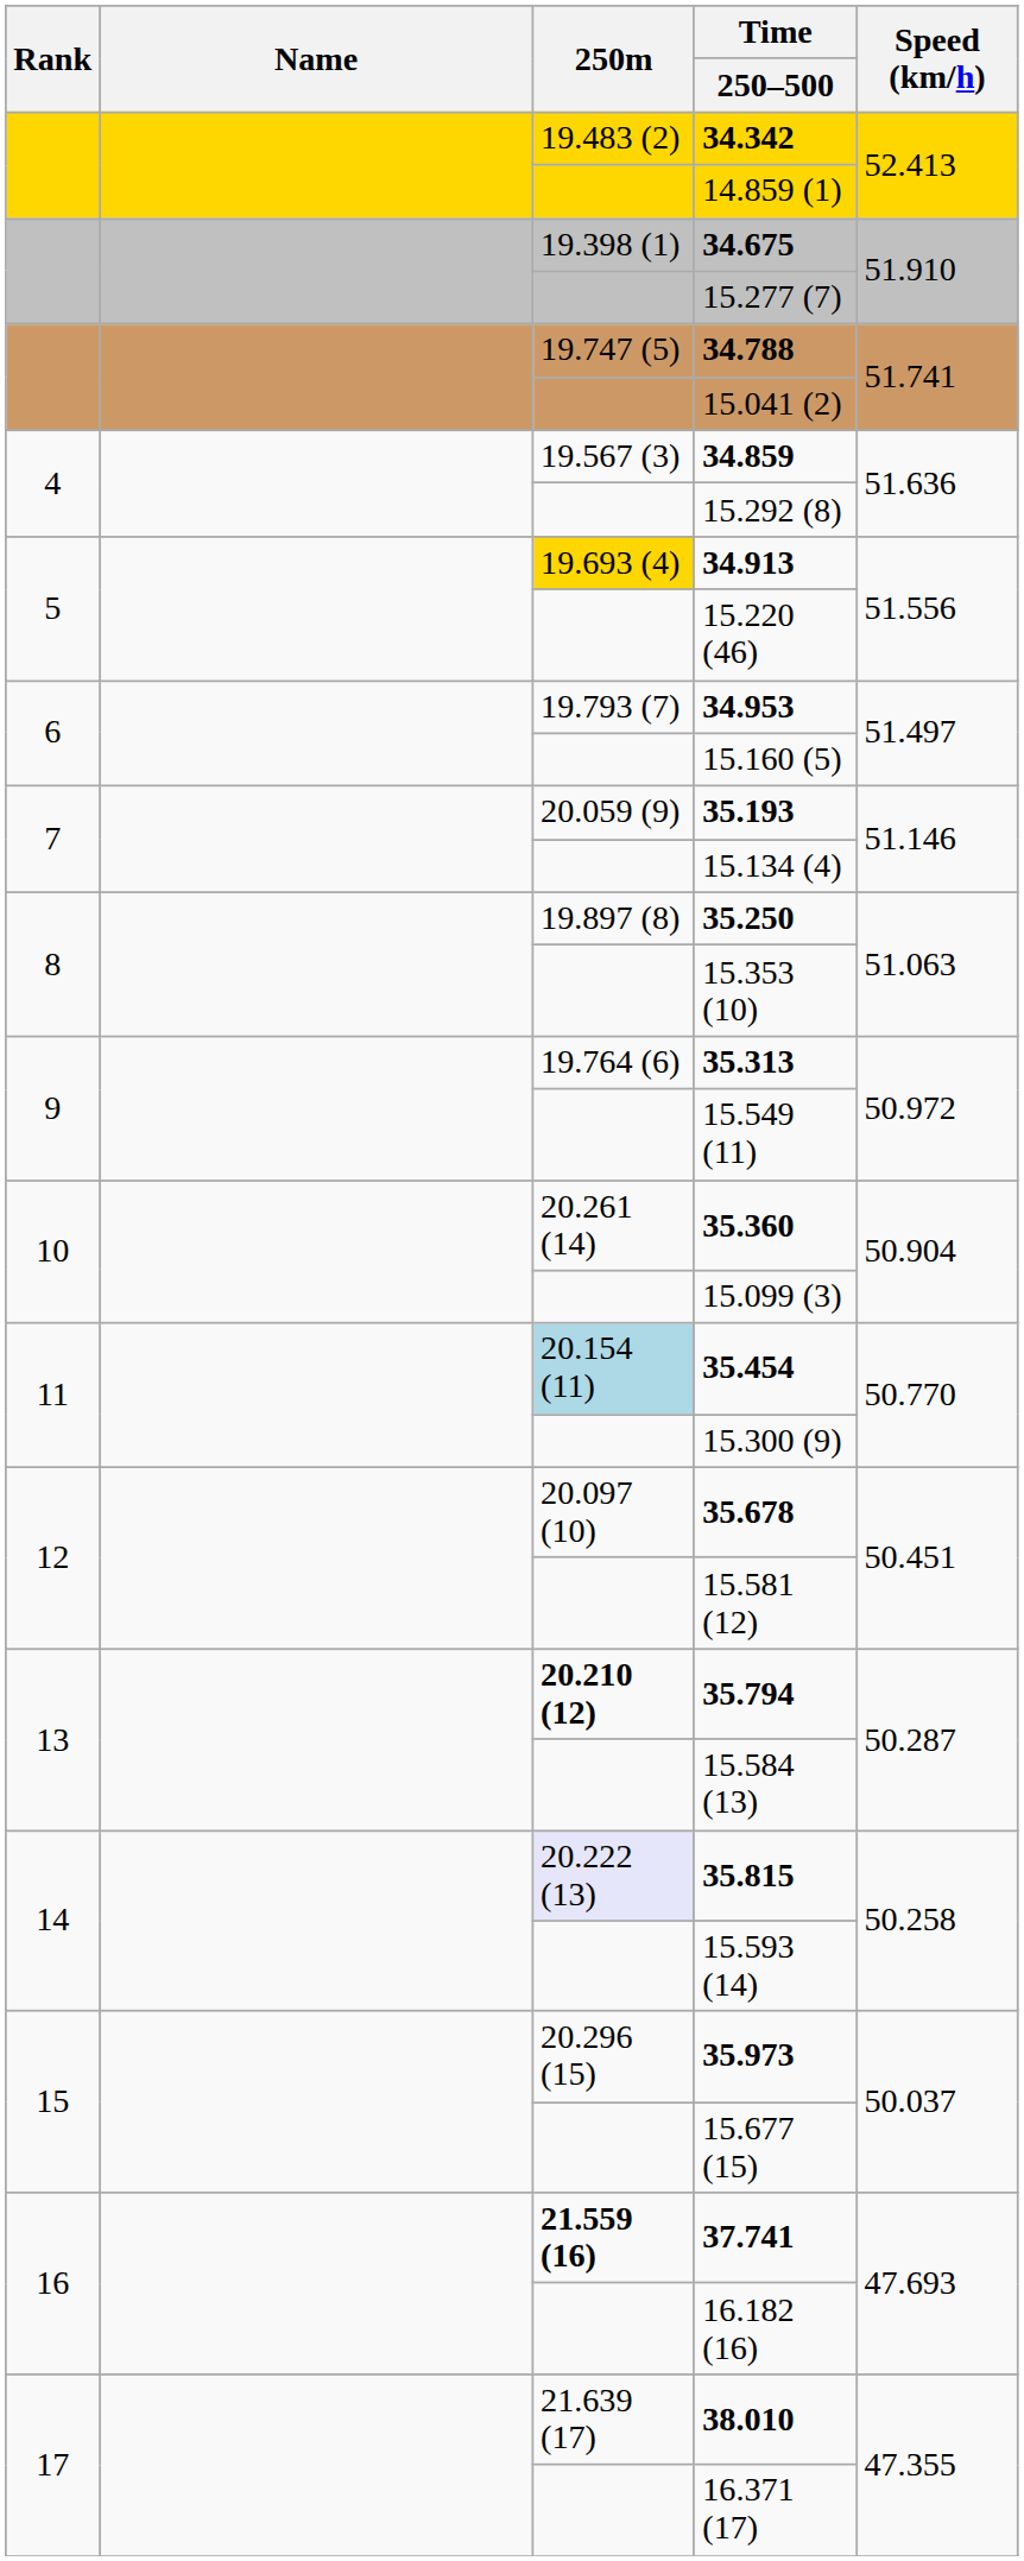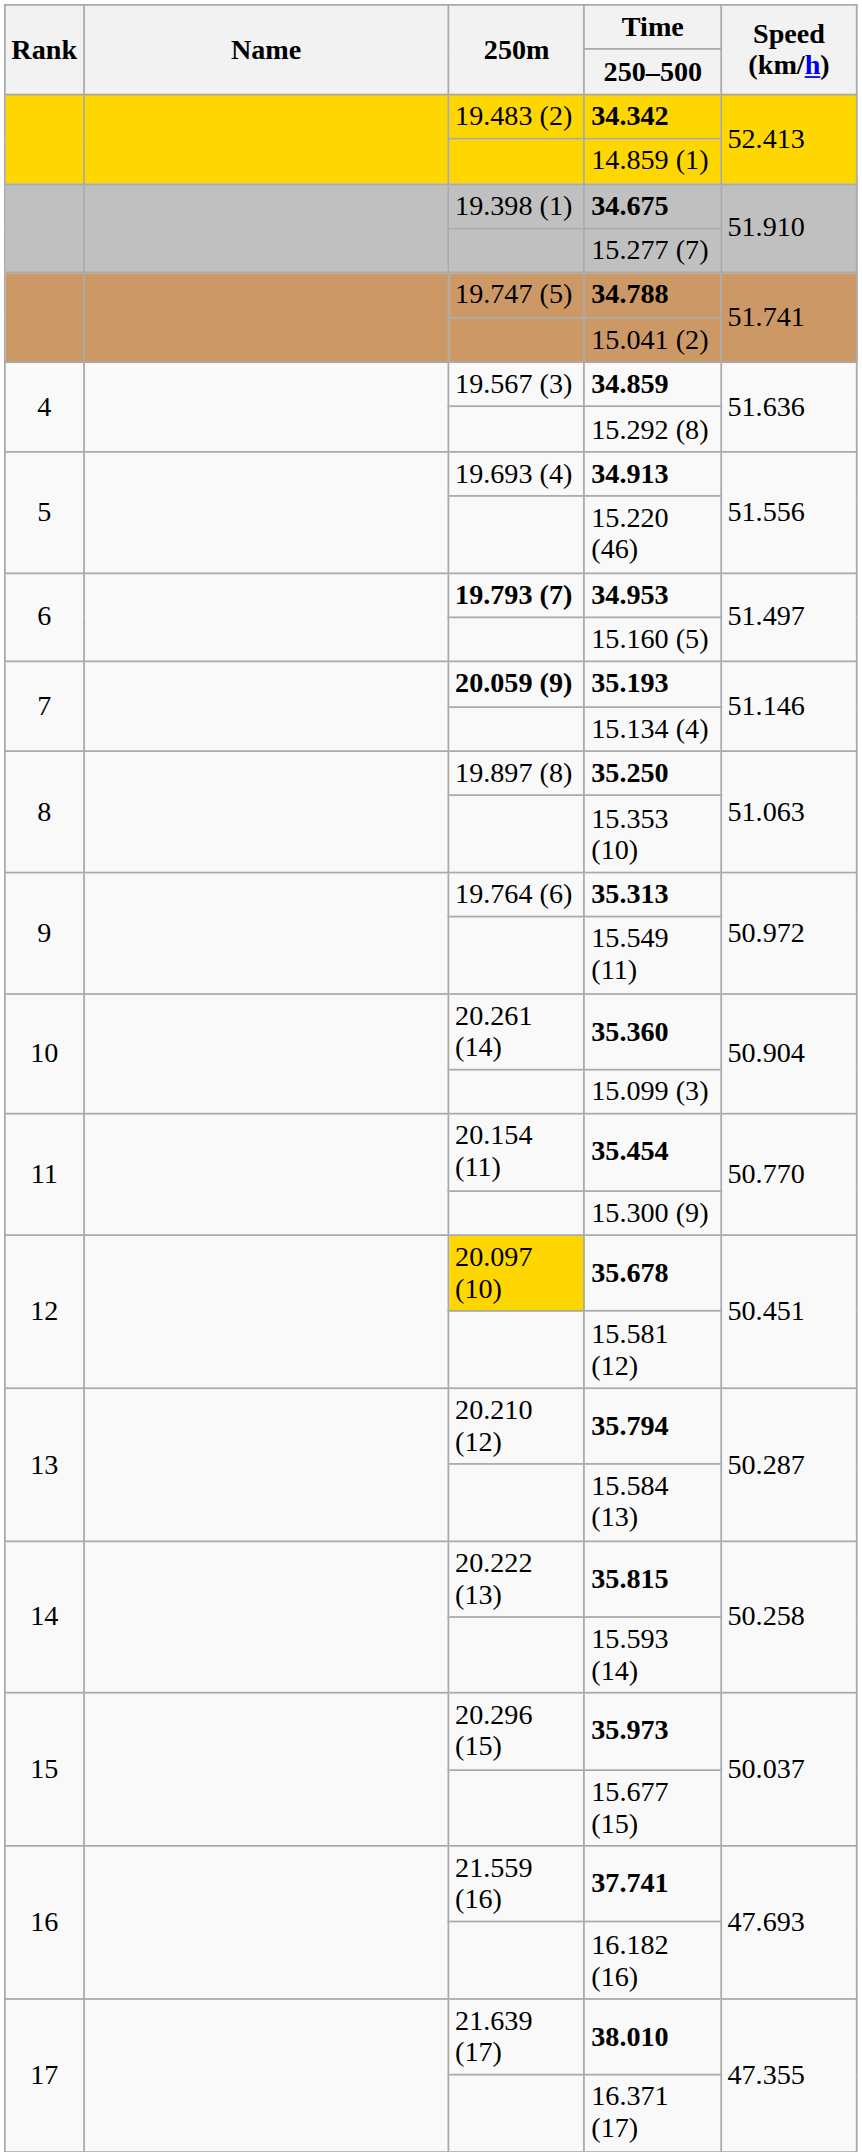 <table class="wikitable">
 <tr>
 <th rowspan=2 width=20>Rank</th>
 <th rowspan=2 width=200>Name</th>
 <th rowspan=2 width=70>250m</th>
 <th width=70>Time</th>
 <th rowspan=2 width=70>Speed<br>(km/<a href='#'>h</a>)</th>
 </tr>
 <tr>
 <th>250–500</th>
 </tr>
 <tr bgcolor=gold>
 <td align=center rowspan=2></td>
 <td rowspan=2></td>
 <td>19.483 (2)</td>
 <td><strong>34.342</strong></td>
 <td rowspan=2>52.413</td>
 </tr>
 <tr bgcolor=gold>
 <td></td>
 <td>14.859 (1)</td>
 </tr>
 <tr bgcolor=silver>
 <td align=center rowspan=2></td>
 <td rowspan=2></td>
 <td>19.398 (1)</td>
 <td><strong>34.675</strong></td>
 <td rowspan=2>51.910</td>
 </tr>
 <tr bgcolor=silver>
 <td></td>
 <td>15.277 (7)</td>
 </tr>
 <tr bgcolor=cc9966>
 <td align=center rowspan=2></td>
 <td rowspan=2></td>
 <td>19.747 (5)</td>
 <td><strong>34.788</strong></td>
 <td rowspan=2>51.741</td>
 </tr>
 <tr bgcolor=cc9966>
 <td></td>
 <td>15.041 (2)</td>
 </tr>
 <tr>
 <td align=center rowspan=2>4</td>
 <td rowspan=2></td>
 <td>19.567 (3)</td>
 <td><strong>34.859</strong></td>
 <td rowspan=2>51.636</td>
 </tr>
 <tr>
 <td></td>
 <td>15.292 (8)</td>
 </tr>
 <tr>
 <td align=center rowspan=2>5</td>
 <td rowspan=2></td>
-<td style="background: gold;">19.693 (4)</td>
+<td>19.693 (4)</td>
 <td><strong>34.913</strong></td>
 <td rowspan=2>51.556</td>
 </tr>
 <tr>
 <td></td>
 <td>15.220 (46)</td>
 </tr>
 <tr>
 <td align=center rowspan=2>6</td>
 <td rowspan=2></td>
-<td>19.793 (7)</td>
+<td><strong>19.793 (7)</strong></td>
 <td><strong>34.953</strong></td>
 <td rowspan=2>51.497</td>
 </tr>
 <tr>
 <td></td>
 <td>15.160 (5)</td>
 </tr>
 <tr>
 <td align=center rowspan=2>7</td>
 <td rowspan=2></td>
-<td>20.059 (9)</td>
+<td><strong>20.059 (9)</strong></td>
 <td><strong>35.193</strong></td>
 <td rowspan=2>51.146</td>
 </tr>
 <tr>
 <td></td>
 <td>15.134 (4)</td>
 </tr>
 <tr>
 <td align=center rowspan=2>8</td>
 <td rowspan=2></td>
 <td>19.897 (8)</td>
 <td><strong>35.250</strong></td>
 <td rowspan=2>51.063</td>
 </tr>
 <tr>
 <td></td>
 <td>15.353 (10)</td>
 </tr>
 <tr>
 <td align=center rowspan=2>9</td>
 <td rowspan=2></td>
 <td>19.764 (6)</td>
 <td><strong>35.313</strong></td>
 <td rowspan=2>50.972</td>
 </tr>
 <tr>
 <td></td>
 <td>15.549 (11)</td>
 </tr>
 <tr>
 <td align=center rowspan=2>10</td>
 <td rowspan=2></td>
 <td>20.261 (14)</td>
 <td><strong>35.360</strong></td>
 <td rowspan=2>50.904</td>
 </tr>
 <tr>
 <td></td>
 <td>15.099 (3)</td>
 </tr>
 <tr>
 <td align=center rowspan=2>11</td>
 <td rowspan=2></td>
-<td style="background: lightblue;">20.154 (11)</td>
+<td>20.154 (11)</td>
 <td><strong>35.454</strong></td>
 <td rowspan=2>50.770</td>
 </tr>
 <tr>
 <td></td>
 <td>15.300 (9)</td>
 </tr>
 <tr>
 <td align=center rowspan=2>12</td>
 <td rowspan=2></td>
-<td>20.097 (10)</td>
+<td style="background: gold;">20.097 (10)</td>
 <td><strong>35.678</strong></td>
 <td rowspan=2>50.451</td>
 </tr>
 <tr>
 <td></td>
 <td>15.581 (12)</td>
 </tr>
 <tr>
 <td align=center rowspan=2>13</td>
 <td rowspan=2></td>
-<td><strong>20.210 (12)</strong></td>
+<td>20.210 (12)</td>
 <td><strong>35.794</strong></td>
 <td rowspan=2>50.287</td>
 </tr>
 <tr>
 <td></td>
 <td>15.584 (13)</td>
 </tr>
 <tr>
 <td align=center rowspan=2>14</td>
 <td rowspan=2></td>
-<td style="background: lavender;">20.222 (13)</td>
+<td>20.222 (13)</td>
 <td><strong>35.815</strong></td>
 <td rowspan=2>50.258</td>
 </tr>
 <tr>
 <td></td>
 <td>15.593 (14)</td>
 </tr>
 <tr>
 <td align=center rowspan=2>15</td>
 <td rowspan=2></td>
 <td>20.296 (15)</td>
 <td><strong>35.973</strong></td>
 <td rowspan=2>50.037</td>
 </tr>
 <tr>
 <td></td>
 <td>15.677 (15)</td>
 </tr>
 <tr>
 <td align=center rowspan=2>16</td>
 <td rowspan=2></td>
-<td><strong>21.559 (16)</strong></td>
+<td>21.559 (16)</td>
 <td><strong>37.741</strong></td>
 <td rowspan=2>47.693</td>
 </tr>
 <tr>
 <td></td>
 <td>16.182 (16)</td>
 </tr>
 <tr>
 <td align=center rowspan=2>17</td>
 <td rowspan=2></td>
 <td>21.639 (17)</td>
 <td><strong>38.010</strong></td>
 <td rowspan=2>47.355</td>
 </tr>
 <tr>
 <td></td>
 <td>16.371 (17)</td>
 </tr>
 </table>
